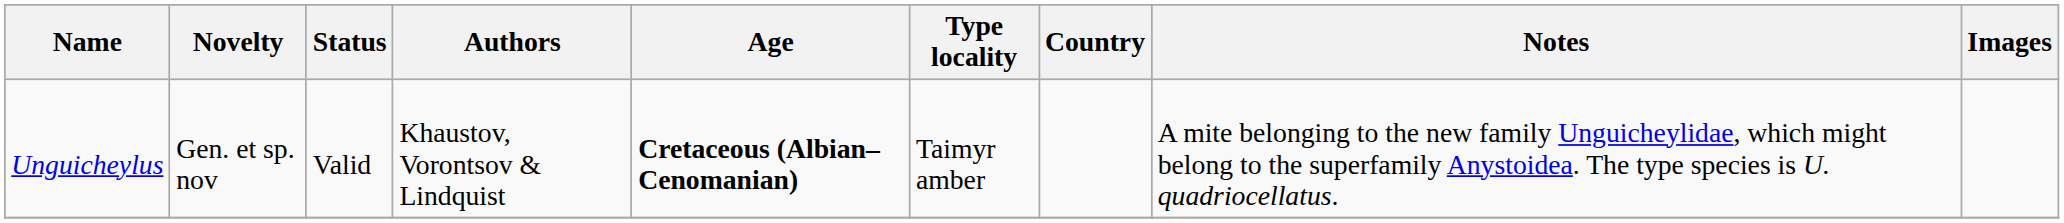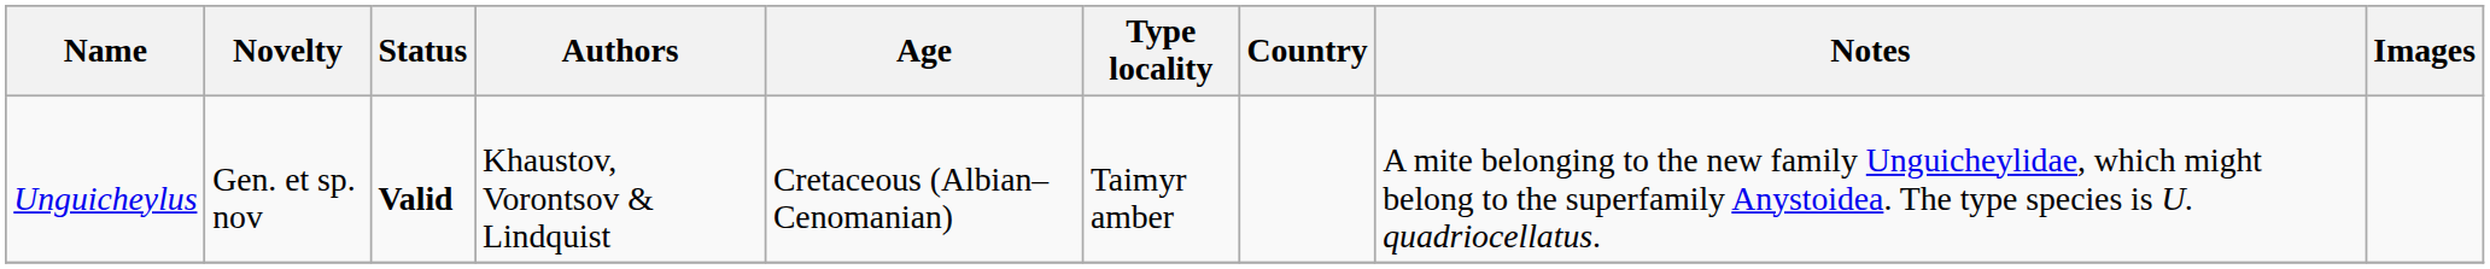 <table class="wikitable sortable" align="center" width="75%">
 <tr>
 <th>Name</th>
 <th>Novelty</th>
 <th>Status</th>
 <th>Authors</th>
 <th>Age</th>
 <th>Type locality</th>
 <th>Country</th>
 <th>Notes</th>
 <th>Images</th>
 </tr>
 <tr>
 <td><br><em><a href='#'>Unguicheylus</a></em></td>
 <td><br>Gen. et sp. nov</td>
-<td><br>Valid</td>
+<td><strong><br>Valid</strong></td>
 <td><br>Khaustov, Vorontsov & Lindquist</td>
-<td><strong><br>Cretaceous (Albian–Cenomanian)</strong></td>
+<td><br>Cretaceous (Albian–Cenomanian)</td>
 <td><br>Taimyr amber</td>
 <td><br></td>
 <td><br>A mite belonging to the new family <a href='#'>Unguicheylidae</a>, which might belong to the superfamily <a href='#'>Anystoidea</a>. The type species is <em>U. quadriocellatus</em>.</td>
 <td></td>
 </tr>
 <tr>
 </tr>
 </table>
